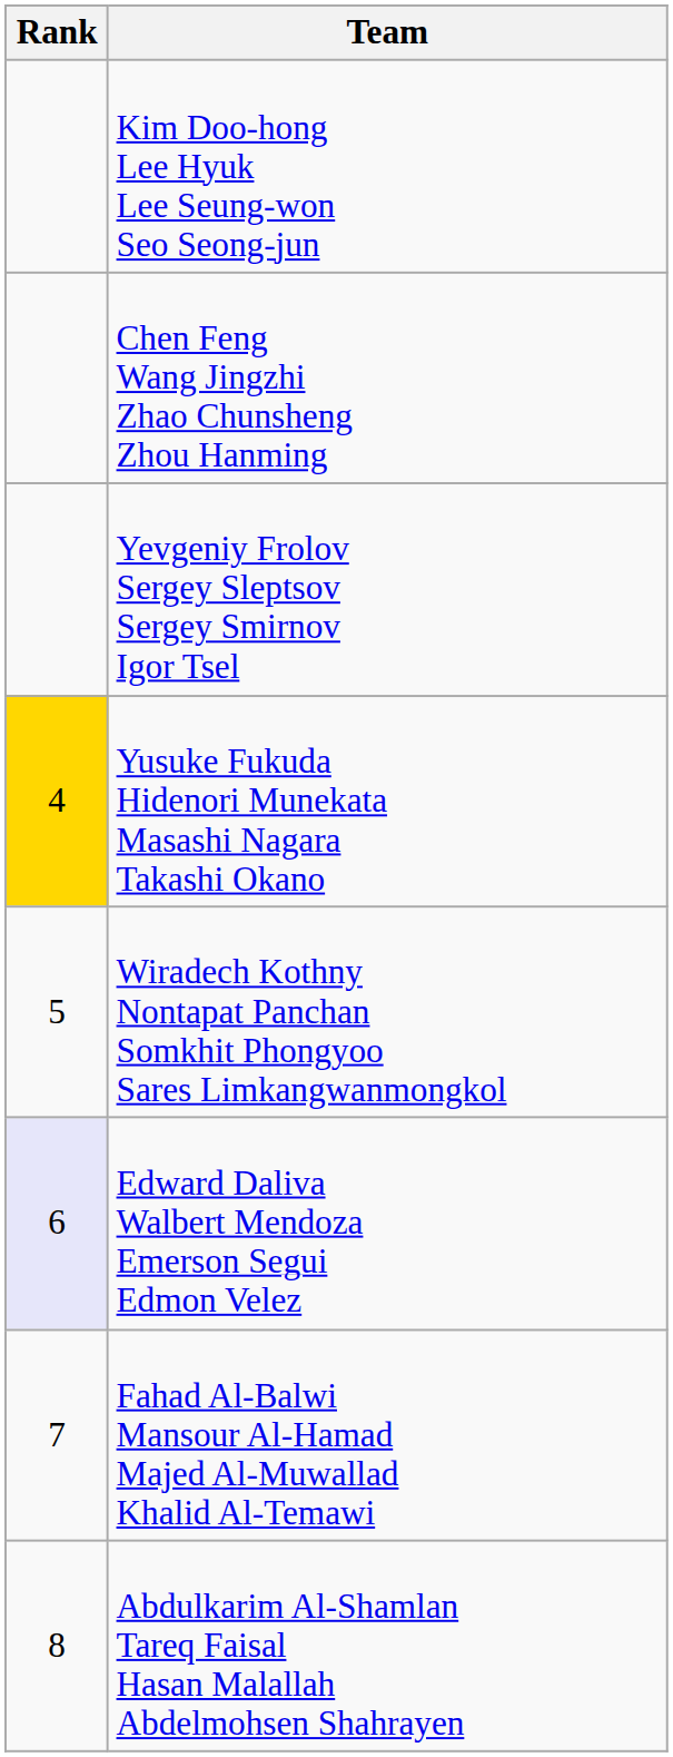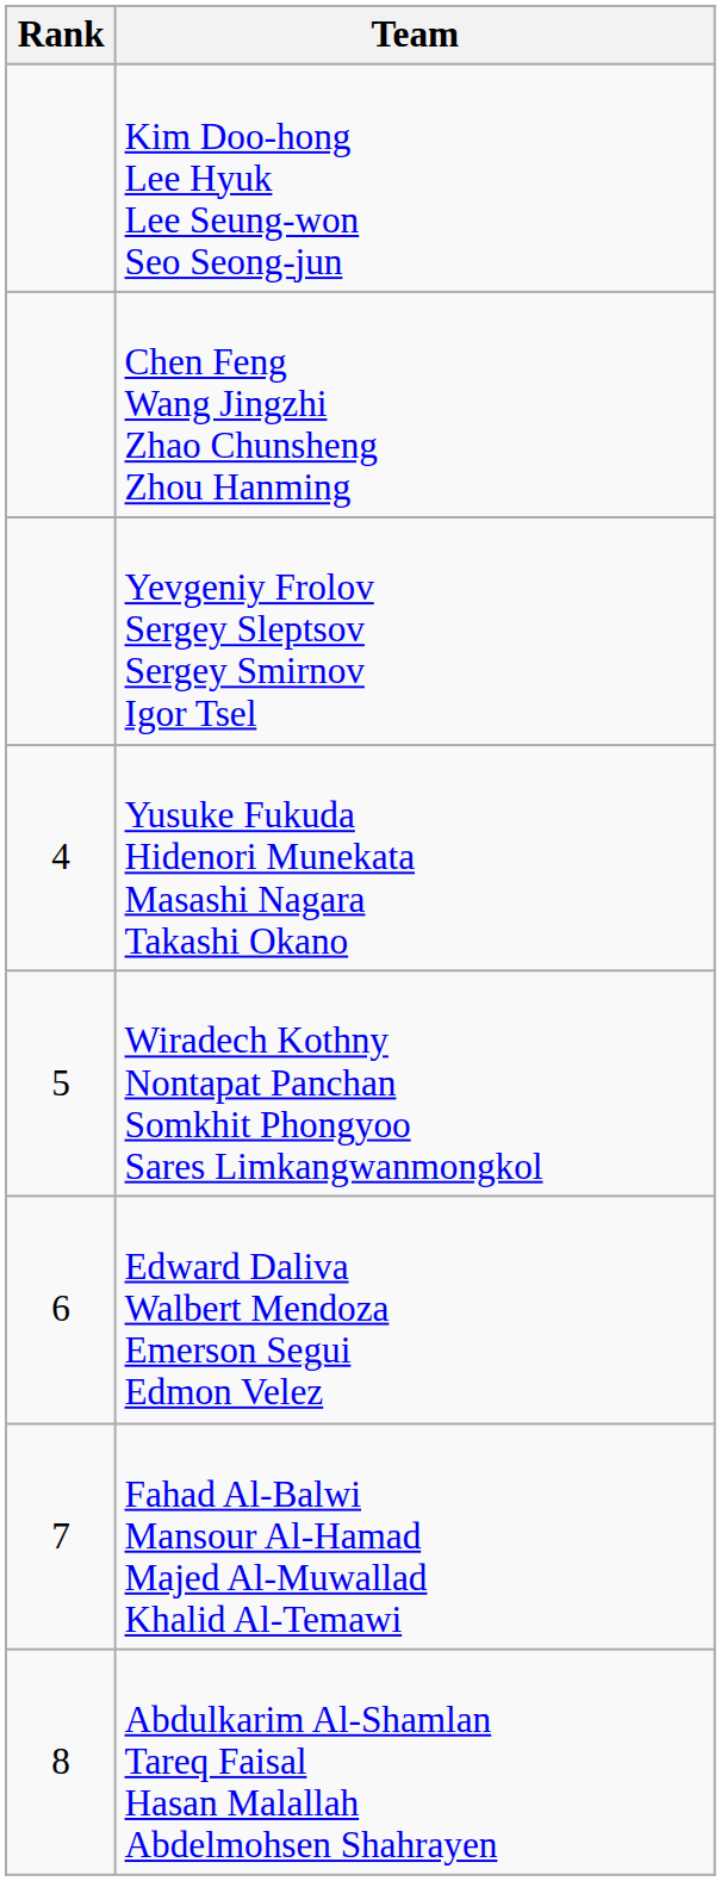 <table class="wikitable" style="text-align: center;">
 <tr>
 <th width=40>Rank</th>
 <th width=250>Team</th>
 </tr>
 <tr>
 <td></td>
 <td align=left><br><a href='#'>Kim Doo-hong</a><br><a href='#'>Lee Hyuk</a><br><a href='#'>Lee Seung-won</a><br><a href='#'>Seo Seong-jun</a></td>
 </tr>
 <tr>
 <td></td>
 <td align=left><br><a href='#'>Chen Feng</a><br><a href='#'>Wang Jingzhi</a><br><a href='#'>Zhao Chunsheng</a><br><a href='#'>Zhou Hanming</a></td>
 </tr>
 <tr>
 <td></td>
 <td align=left><br><a href='#'>Yevgeniy Frolov</a><br><a href='#'>Sergey Sleptsov</a><br><a href='#'>Sergey Smirnov</a><br><a href='#'>Igor Tsel</a></td>
 </tr>
 <tr>
-<td style="background: gold;">4</td>
+<td>4</td>
 <td align=left><br><a href='#'>Yusuke Fukuda</a><br><a href='#'>Hidenori Munekata</a><br><a href='#'>Masashi Nagara</a><br><a href='#'>Takashi Okano</a></td>
 </tr>
 <tr>
 <td>5</td>
 <td align=left><br><a href='#'>Wiradech Kothny</a><br><a href='#'>Nontapat Panchan</a><br><a href='#'>Somkhit Phongyoo</a><br><a href='#'>Sares Limkangwanmongkol</a></td>
 </tr>
 <tr>
-<td style="background: lavender;">6</td>
+<td>6</td>
 <td align=left><br><a href='#'>Edward Daliva</a><br><a href='#'>Walbert Mendoza</a><br><a href='#'>Emerson Segui</a><br><a href='#'>Edmon Velez</a></td>
 </tr>
 <tr>
 <td>7</td>
 <td align=left><br><a href='#'>Fahad Al-Balwi</a><br><a href='#'>Mansour Al-Hamad</a><br><a href='#'>Majed Al-Muwallad</a><br><a href='#'>Khalid Al-Temawi</a></td>
 </tr>
 <tr>
 <td>8</td>
 <td align=left><br><a href='#'>Abdulkarim Al-Shamlan</a><br><a href='#'>Tareq Faisal</a><br><a href='#'>Hasan Malallah</a><br><a href='#'>Abdelmohsen Shahrayen</a></td>
 </tr>
 </table>
